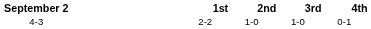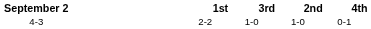 <table width=60% cellspacing=1>
 <tr>
 <th width=20%></th>
 <th width=16%>September 2</th>
 <th width=20%></th>
 <th width=8%>1st</th>
+<th width=8%>3rd</th>
 <th width=8%>2nd</th>
-<th width=8%>3rd</th>
 <th width=8%>4th</th>
 </tr>
 <tr style=font-size:90%>
 <td align=right></td>
 <td align=center>4-3</td>
 <td></td>
 <td>2-2</td>
 <td>1-0</td>
 <td>1-0</td>
 <td>0-1</td>
 </tr>
 </table>
